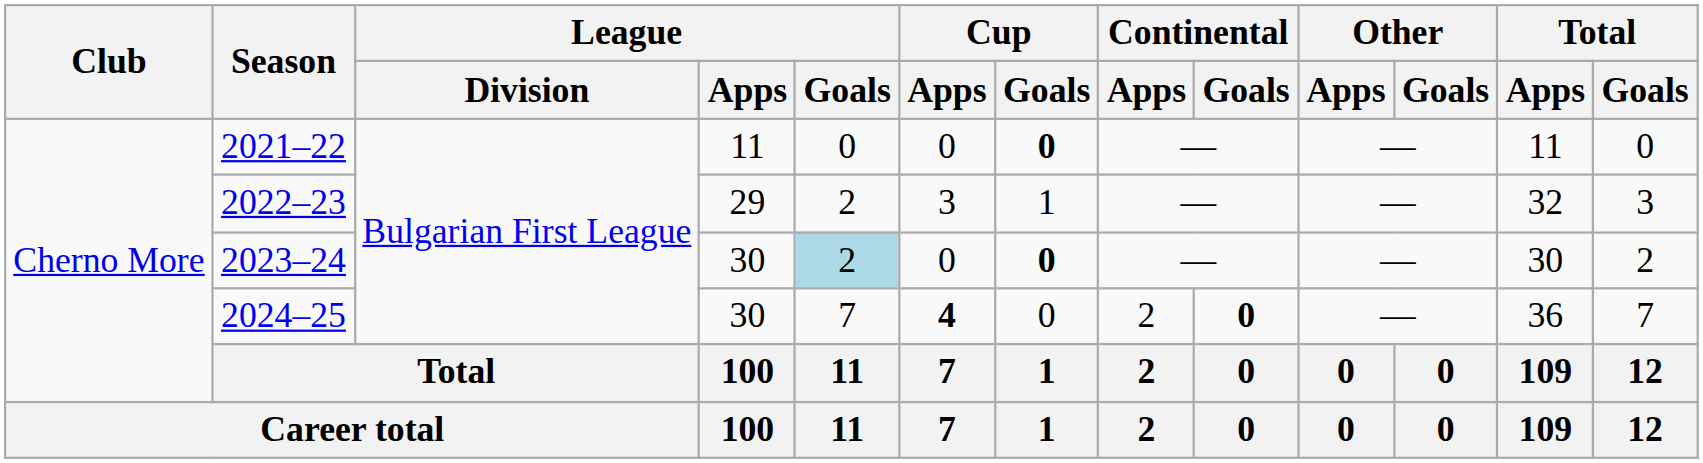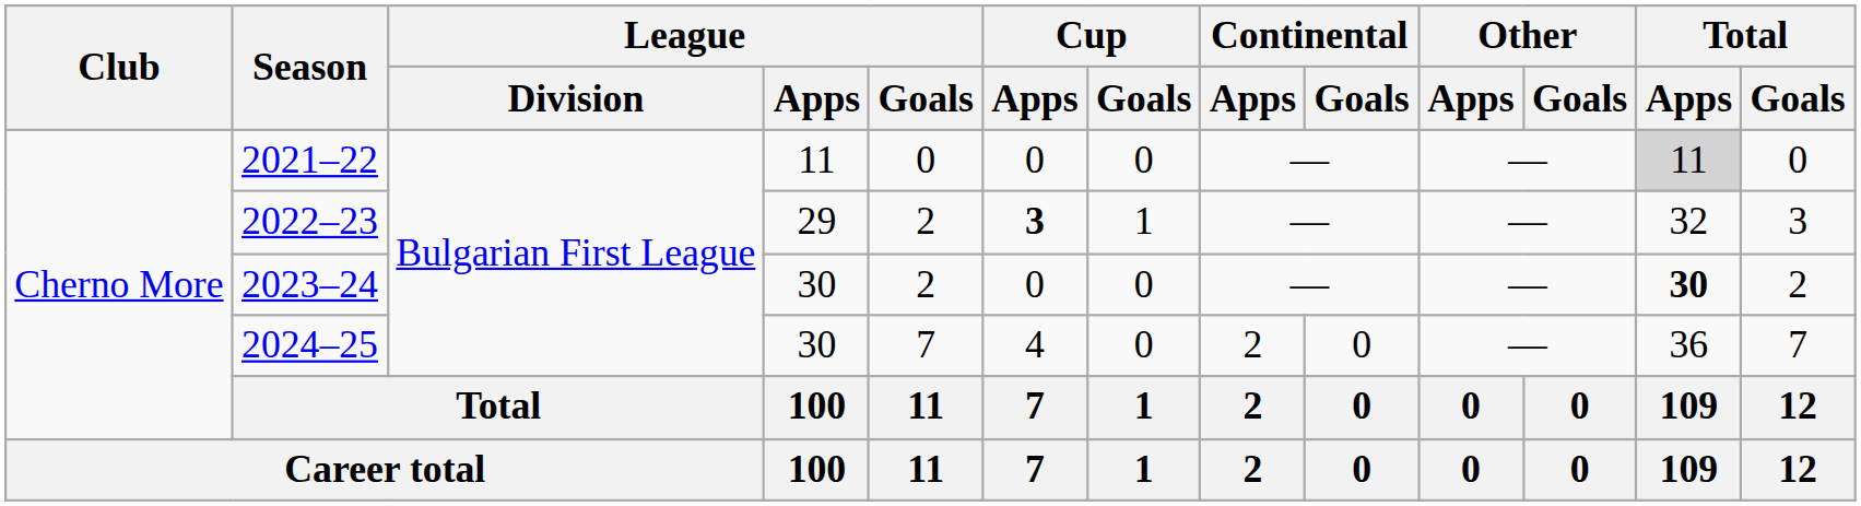 <table class="wikitable" style="text-align:center">
 <tr>
 <th rowspan="2">Club</th>
 <th rowspan="2">Season</th>
 <th colspan="3">League</th>
 <th colspan="2">Cup</th>
 <th colspan="2">Continental</th>
 <th colspan="2">Other</th>
 <th colspan="2">Total</th>
 </tr>
 <tr>
 <th>Division</th>
 <th>Apps</th>
 <th>Goals</th>
 <th>Apps</th>
 <th>Goals</th>
 <th>Apps</th>
 <th>Goals</th>
 <th>Apps</th>
 <th>Goals</th>
 <th>Apps</th>
 <th>Goals</th>
 </tr>
 <tr>
 <td rowspan="5"><a href='#'>Cherno More</a></td>
 <td><a href='#'>2021–22</a></td>
 <td rowspan="4"><a href='#'>Bulgarian First League</a></td>
 <td>11</td>
 <td>0</td>
 <td>0</td>
-<td><strong>0</strong></td>
+<td>0</td>
 <td colspan="2">—</td>
 <td colspan="2">—</td>
-<td>11</td>
+<td style="background: lightgrey;">11</td>
 <td>0</td>
 </tr>
 <tr>
 <td><a href='#'>2022–23</a></td>
 <td>29</td>
 <td>2</td>
-<td>3</td>
+<td><strong>3</strong></td>
 <td>1</td>
 <td colspan="2">—</td>
 <td colspan="2">—</td>
 <td>32</td>
 <td>3</td>
 </tr>
 <tr>
 <td><a href='#'>2023–24</a></td>
 <td>30</td>
-<td style="background: lightblue;">2</td>
+<td>2</td>
 <td>0</td>
-<td><strong>0</strong></td>
+<td>0</td>
 <td colspan="2">—</td>
 <td colspan="2">—</td>
-<td>30</td>
+<td><strong>30</strong></td>
 <td>2</td>
 </tr>
 <tr>
 <td><a href='#'>2024–25</a></td>
 <td>30</td>
 <td>7</td>
-<td><strong>4</strong></td>
+<td>4</td>
 <td>0</td>
 <td>2</td>
-<td><strong>0</strong></td>
+<td>0</td>
 <td colspan="2">—</td>
 <td>36</td>
 <td>7</td>
 </tr>
 <tr>
 <th colspan="2">Total</th>
 <th>100</th>
 <th>11</th>
 <th>7</th>
 <th>1</th>
 <th>2</th>
 <th>0</th>
 <th>0</th>
 <th>0</th>
 <th>109</th>
 <th>12</th>
 </tr>
 <tr>
 <th colspan="3">Career total</th>
 <th>100</th>
 <th>11</th>
 <th>7</th>
 <th>1</th>
 <th>2</th>
 <th>0</th>
 <th>0</th>
 <th>0</th>
 <th>109</th>
 <th>12</th>
 </tr>
 </table>
